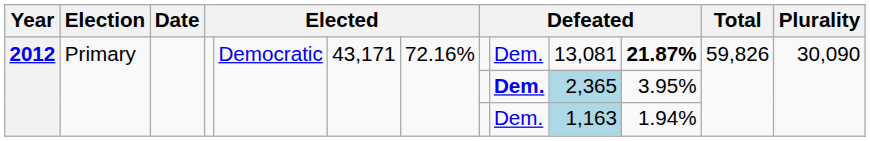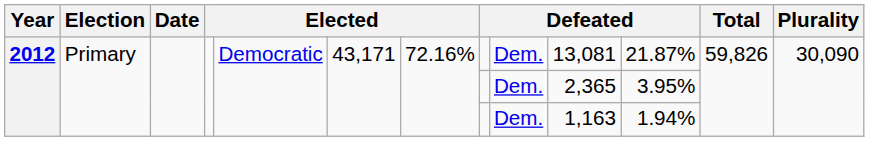 <table class="wikitable">
 <tr>
 <th>Year</th>
 <th>Election</th>
 <th>Date</th>
 <th colspan="4">Elected</th>
 <th colspan="4">Defeated</th>
 <th>Total</th>
 <th>Plurality</th>
 </tr>
 <tr>
 <th rowspan="3" valign="top"><a href='#'>2012</a></th>
 <td rowspan="3" valign="top">Primary</td>
 <td rowspan="3" valign="top"></td>
 <td rowspan="3" valign="top"></td>
 <td valign="top" rowspan="3" ><a href='#'>Democratic</a></td>
 <td rowspan="3" align="right" valign="top">43,171</td>
 <td rowspan="3" align="right" valign="top">72.16%</td>
 <td valign="top"></td>
 <td valign="top" ><a href='#'>Dem.</a></td>
 <td align="right" valign="top">13,081</td>
-<td align="right" valign="top"><strong>21.87%</strong></td>
+<td align="right" valign="top">21.87%</td>
 <td rowspan="3" align="right" valign="top">59,826</td>
 <td rowspan="3" align="right" valign="top">30,090</td>
 </tr>
 <tr>
 <td valign="top"></td>
-<td valign="top" ><strong><a href='#'>Dem.</a></strong></td>
-<td align="right" valign="top" style="background: lightblue;">2,365</td>
+<td valign="top" ><a href='#'>Dem.</a></td>
+<td align="right" valign="top">2,365</td>
 <td align="right" valign="top">3.95%</td>
 </tr>
 <tr>
 <td valign="top"></td>
 <td valign="top" ><a href='#'>Dem.</a></td>
-<td align="right" valign="top" style="background: lightblue;">1,163</td>
+<td align="right" valign="top">1,163</td>
 <td align="right" valign="top">1.94%</td>
 </tr>
 </table>
